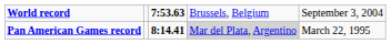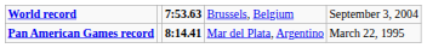 <table class="wikitable">
 <tr>
 <td><strong><a href='#'>World record</a></strong></td>
 <td></td>
 <td><strong>7:53.63</strong></td>
 <td><a href='#'>Brussels</a>, <a href='#'>Belgium</a></td>
 <td>September 3, 2004</td>
 </tr>
 <tr>
 <td><strong><a href='#'>Pan American Games record</a></strong></td>
 <td></td>
 <td><strong>8:14.41</strong></td>
-<td style="background: lightgrey;"><a href='#'>Mar del Plata</a>, <a href='#'>Argentino</a></td>
+<td><a href='#'>Mar del Plata</a>, <a href='#'>Argentino</a></td>
 <td>March 22, 1995</td>
 </tr>
 </table>
